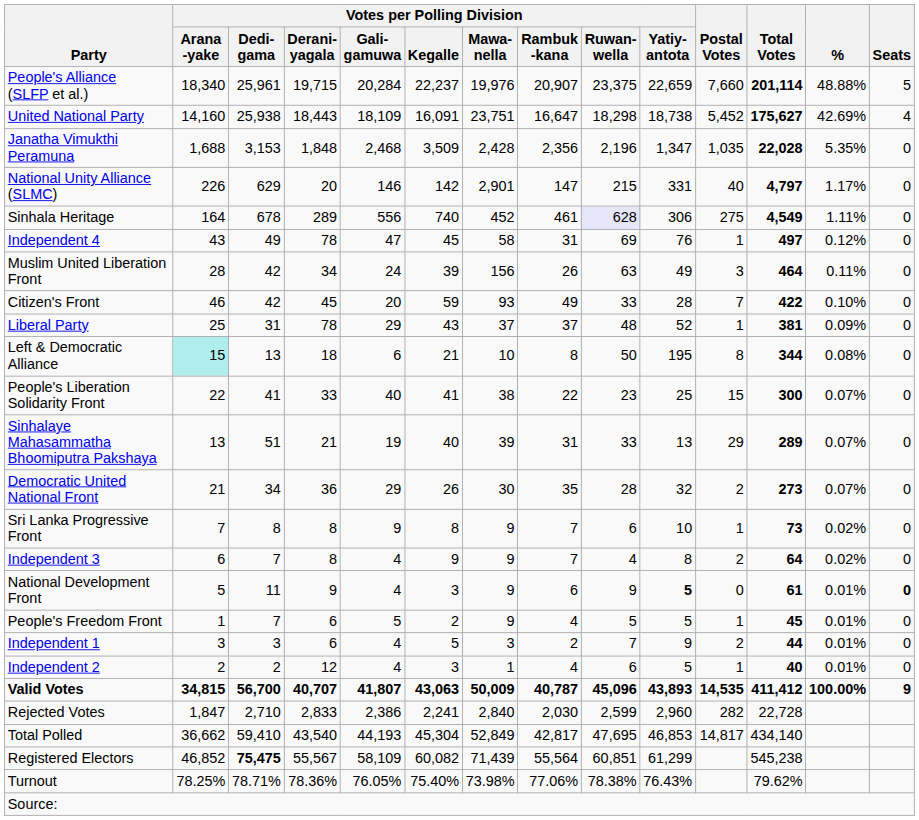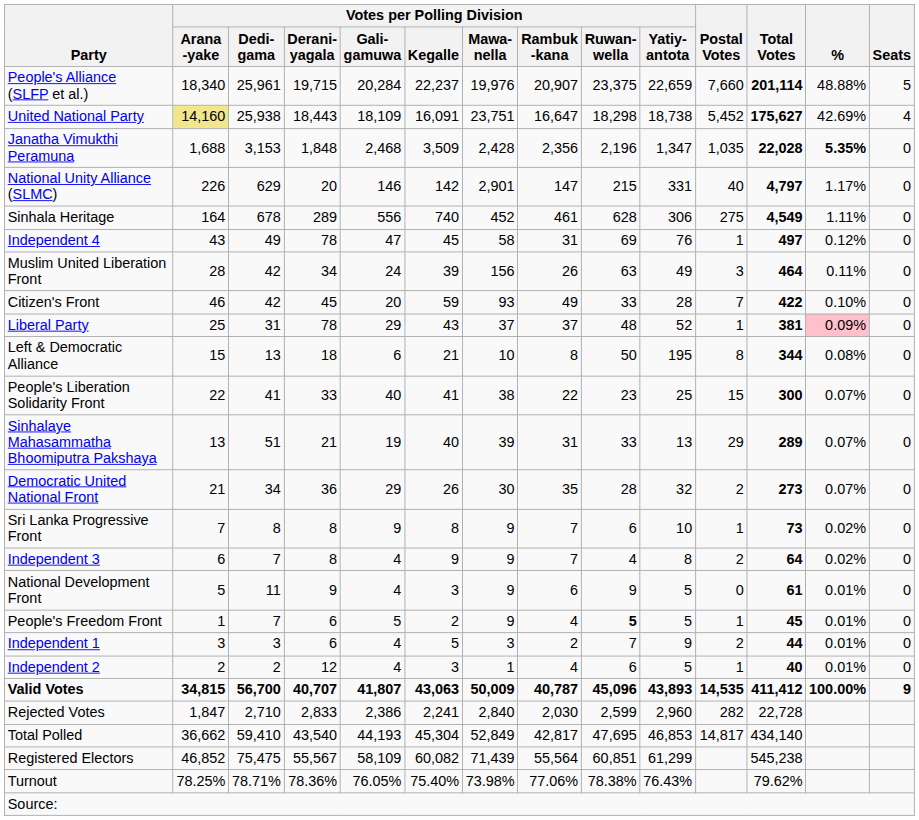 <table class="wikitable" border="1" style="text-align:right;">
 <tr>
 <th align=left valign=bottom rowspan=2 width="180">Party</th>
 <th colspan=9>Votes per Polling Division</th>
 <th align=center valign=bottom rowspan=2 width="50">Postal<br>Votes</th>
 <th align=center valign=bottom rowspan=2 width="50">Total Votes</th>
 <th align=center valign=bottom rowspan=2 width="50">%</th>
 <th align=center valign=bottom rowspan=2 width="40">Seats</th>
 </tr>
 <tr>
 <th align=center valign=bottom width="50">Arana<br>-yake</th>
 <th align=center valign=bottom width="50">Dedi-<br>gama</th>
 <th align=center valign=bottom width="50">Derani-<br>yagala</th>
 <th align=center valign=bottom width="50">Gali-<br>gamuwa</th>
 <th align=center valign=bottom width="50">Kegalle</th>
 <th align=center valign=bottom width="50">Mawa-<br>nella</th>
 <th align=center valign=bottom width="50">Rambuk<br>-kana</th>
 <th align=center valign=bottom width="50">Ruwan-<br>wella</th>
 <th align=center valign=bottom width="50">Yatiy-<br>antota</th>
 </tr>
 <tr>
 <td align=left><a href='#'>People's Alliance</a><br>(<a href='#'>SLFP</a> et al.)</td>
 <td>18,340</td>
 <td>25,961</td>
 <td>19,715</td>
 <td>20,284</td>
 <td>22,237</td>
 <td>19,976</td>
 <td>20,907</td>
 <td>23,375</td>
 <td>22,659</td>
 <td>7,660</td>
 <td><strong>201,114</strong></td>
 <td>48.88%</td>
 <td>5</td>
 </tr>
 <tr>
 <td align=left><a href='#'>United National Party</a></td>
-<td>14,160</td>
+<td style="background: khaki;">14,160</td>
 <td>25,938</td>
 <td>18,443</td>
 <td>18,109</td>
 <td>16,091</td>
 <td>23,751</td>
 <td>16,647</td>
 <td>18,298</td>
 <td>18,738</td>
 <td>5,452</td>
 <td><strong>175,627</strong></td>
 <td>42.69%</td>
 <td>4</td>
 </tr>
 <tr>
 <td align=left><a href='#'>Janatha Vimukthi Peramuna</a></td>
 <td>1,688</td>
 <td>3,153</td>
 <td>1,848</td>
 <td>2,468</td>
 <td>3,509</td>
 <td>2,428</td>
 <td>2,356</td>
 <td>2,196</td>
 <td>1,347</td>
 <td>1,035</td>
 <td><strong>22,028</strong></td>
-<td>5.35%</td>
+<td><strong>5.35%</strong></td>
 <td>0</td>
 </tr>
 <tr>
 <td align=left><a href='#'>National Unity Alliance</a> (<a href='#'>SLMC</a>)</td>
 <td>226</td>
 <td>629</td>
 <td>20</td>
 <td>146</td>
 <td>142</td>
 <td>2,901</td>
 <td>147</td>
 <td>215</td>
 <td>331</td>
 <td>40</td>
 <td><strong>4,797</strong></td>
 <td>1.17%</td>
 <td>0</td>
 </tr>
 <tr>
 <td align=left>Sinhala Heritage</td>
 <td>164</td>
 <td>678</td>
 <td>289</td>
 <td>556</td>
 <td>740</td>
 <td>452</td>
 <td>461</td>
-<td style="background: lavender;">628</td>
+<td>628</td>
 <td>306</td>
 <td>275</td>
 <td><strong>4,549</strong></td>
 <td>1.11%</td>
 <td>0</td>
 </tr>
 <tr>
 <td align=left><a href='#'>Independent 4</a></td>
 <td>43</td>
 <td>49</td>
 <td>78</td>
 <td>47</td>
 <td>45</td>
 <td>58</td>
 <td>31</td>
 <td>69</td>
 <td>76</td>
 <td>1</td>
 <td><strong>497</strong></td>
 <td>0.12%</td>
 <td>0</td>
 </tr>
 <tr>
 <td align=left>Muslim United Liberation Front</td>
 <td>28</td>
 <td>42</td>
 <td>34</td>
 <td>24</td>
 <td>39</td>
 <td>156</td>
 <td>26</td>
 <td>63</td>
 <td>49</td>
 <td>3</td>
 <td><strong>464</strong></td>
 <td>0.11%</td>
 <td>0</td>
 </tr>
 <tr>
 <td align=left>Citizen's Front</td>
 <td>46</td>
 <td>42</td>
 <td>45</td>
 <td>20</td>
 <td>59</td>
 <td>93</td>
 <td>49</td>
 <td>33</td>
 <td>28</td>
 <td>7</td>
 <td><strong>422</strong></td>
 <td>0.10%</td>
 <td>0</td>
 </tr>
 <tr>
 <td align=left><a href='#'>Liberal Party</a></td>
 <td>25</td>
 <td>31</td>
 <td>78</td>
 <td>29</td>
 <td>43</td>
 <td>37</td>
 <td>37</td>
 <td>48</td>
 <td>52</td>
 <td>1</td>
 <td><strong>381</strong></td>
-<td>0.09%</td>
+<td style="background: pink;">0.09%</td>
 <td>0</td>
 </tr>
 <tr>
 <td align=left>Left & Democratic Alliance</td>
-<td style="background: paleturquoise;">15</td>
+<td>15</td>
 <td>13</td>
 <td>18</td>
 <td>6</td>
 <td>21</td>
 <td>10</td>
 <td>8</td>
 <td>50</td>
 <td>195</td>
 <td>8</td>
 <td><strong>344</strong></td>
 <td>0.08%</td>
 <td>0</td>
 </tr>
 <tr>
 <td align=left>People's Liberation Solidarity Front</td>
 <td>22</td>
 <td>41</td>
 <td>33</td>
 <td>40</td>
 <td>41</td>
 <td>38</td>
 <td>22</td>
 <td>23</td>
 <td>25</td>
 <td>15</td>
 <td><strong>300</strong></td>
 <td>0.07%</td>
 <td>0</td>
 </tr>
 <tr>
 <td align=left><a href='#'>Sinhalaye Mahasammatha Bhoomiputra Pakshaya</a></td>
 <td>13</td>
 <td>51</td>
 <td>21</td>
 <td>19</td>
 <td>40</td>
 <td>39</td>
 <td>31</td>
 <td>33</td>
 <td>13</td>
 <td>29</td>
 <td><strong>289</strong></td>
 <td>0.07%</td>
 <td>0</td>
 </tr>
 <tr>
 <td align=left><a href='#'>Democratic United National Front</a></td>
 <td>21</td>
 <td>34</td>
 <td>36</td>
 <td>29</td>
 <td>26</td>
 <td>30</td>
 <td>35</td>
 <td>28</td>
 <td>32</td>
 <td>2</td>
 <td><strong>273</strong></td>
 <td>0.07%</td>
 <td>0</td>
 </tr>
 <tr>
 <td align=left>Sri Lanka Progressive Front</td>
 <td>7</td>
 <td>8</td>
 <td>8</td>
 <td>9</td>
 <td>8</td>
 <td>9</td>
 <td>7</td>
 <td>6</td>
 <td>10</td>
 <td>1</td>
 <td><strong>73</strong></td>
 <td>0.02%</td>
 <td>0</td>
 </tr>
 <tr>
 <td align=left><a href='#'>Independent 3</a></td>
 <td>6</td>
 <td>7</td>
 <td>8</td>
 <td>4</td>
 <td>9</td>
 <td>9</td>
 <td>7</td>
 <td>4</td>
 <td>8</td>
 <td>2</td>
 <td><strong>64</strong></td>
 <td>0.02%</td>
 <td>0</td>
 </tr>
 <tr>
 <td align=left>National Development Front</td>
 <td>5</td>
 <td>11</td>
 <td>9</td>
 <td>4</td>
 <td>3</td>
 <td>9</td>
 <td>6</td>
 <td>9</td>
-<td><strong>5</strong></td>
+<td>5</td>
 <td>0</td>
 <td><strong>61</strong></td>
 <td>0.01%</td>
-<td><strong>0</strong></td>
+<td>0</td>
 </tr>
 <tr>
 <td align=left>People's Freedom Front</td>
 <td>1</td>
 <td>7</td>
 <td>6</td>
 <td>5</td>
 <td>2</td>
 <td>9</td>
 <td>4</td>
-<td>5</td>
+<td><strong>5</strong></td>
 <td>5</td>
 <td>1</td>
 <td><strong>45</strong></td>
 <td>0.01%</td>
 <td>0</td>
 </tr>
 <tr>
 <td align=left><a href='#'>Independent 1</a></td>
 <td>3</td>
 <td>3</td>
 <td>6</td>
 <td>4</td>
 <td>5</td>
 <td>3</td>
 <td>2</td>
 <td>7</td>
 <td>9</td>
 <td>2</td>
 <td><strong>44</strong></td>
 <td>0.01%</td>
 <td>0</td>
 </tr>
 <tr>
 <td align=left><a href='#'>Independent 2</a></td>
 <td>2</td>
 <td>2</td>
 <td>12</td>
 <td>4</td>
 <td>3</td>
 <td>1</td>
 <td>4</td>
 <td>6</td>
 <td>5</td>
 <td>1</td>
 <td><strong>40</strong></td>
 <td>0.01%</td>
 <td>0</td>
 </tr>
 <tr>
 <td align=left><strong>Valid Votes</strong></td>
 <td><strong>34,815</strong></td>
 <td><strong>56,700</strong></td>
 <td><strong>40,707</strong></td>
 <td><strong>41,807</strong></td>
 <td><strong>43,063</strong></td>
 <td><strong>50,009</strong></td>
 <td><strong>40,787</strong></td>
 <td><strong>45,096</strong></td>
 <td><strong>43,893</strong></td>
 <td><strong>14,535</strong></td>
 <td><strong>411,412</strong></td>
 <td><strong>100.00%</strong></td>
 <td><strong>9</strong></td>
 </tr>
 <tr>
 <td align=left>Rejected Votes</td>
 <td>1,847</td>
 <td>2,710</td>
 <td>2,833</td>
 <td>2,386</td>
 <td>2,241</td>
 <td>2,840</td>
 <td>2,030</td>
 <td>2,599</td>
 <td>2,960</td>
 <td>282</td>
 <td>22,728</td>
 <td></td>
 <td></td>
 </tr>
 <tr>
 <td align=left>Total Polled</td>
 <td>36,662</td>
 <td>59,410</td>
 <td>43,540</td>
 <td>44,193</td>
 <td>45,304</td>
 <td>52,849</td>
 <td>42,817</td>
 <td>47,695</td>
 <td>46,853</td>
 <td>14,817</td>
 <td>434,140</td>
 <td></td>
 <td></td>
 </tr>
 <tr>
 <td align=left>Registered Electors</td>
 <td>46,852</td>
-<td><strong>75,475</strong></td>
+<td>75,475</td>
 <td>55,567</td>
 <td>58,109</td>
 <td>60,082</td>
 <td>71,439</td>
 <td>55,564</td>
 <td>60,851</td>
 <td>61,299</td>
 <td></td>
 <td>545,238</td>
 <td></td>
 <td></td>
 </tr>
 <tr>
 <td align=left>Turnout</td>
 <td>78.25%</td>
 <td>78.71%</td>
 <td>78.36%</td>
 <td>76.05%</td>
 <td>75.40%</td>
 <td>73.98%</td>
 <td>77.06%</td>
 <td>78.38%</td>
 <td>76.43%</td>
 <td></td>
 <td>79.62%</td>
 <td></td>
 <td></td>
 </tr>
 <tr>
 <td align=left colspan=15>Source:</td>
 </tr>
 </table>
